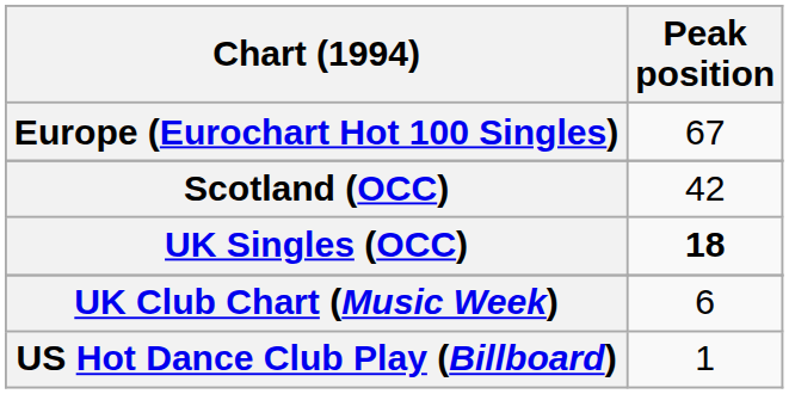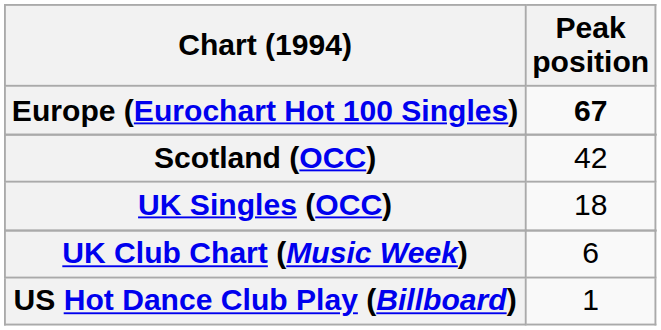 <table class="wikitable sortable plainrowheaders" style="text-align:center">
 <tr>
 <th>Chart (1994)</th>
 <th>Peak<br>position</th>
 </tr>
 <tr>
 <th scope="row">Europe (<a href='#'>Eurochart Hot 100 Singles</a>)</th>
-<td>67</td>
+<td><strong>67</strong></td>
 </tr>
 <tr>
 </tr>
 <tr>
 </tr>
 <tr>
 <th scope="row">Scotland (<a href='#'>OCC</a>)</th>
 <td>42</td>
 </tr>
 <tr>
 <th scope="row"><a href='#'>UK Singles</a> (<a href='#'>OCC</a>)</th>
-<td><strong>18</strong></td>
+<td>18</td>
 </tr>
 <tr>
 </tr>
 <tr>
 <th scope="row"><a href='#'>UK Club Chart</a> (<em><a href='#'>Music Week</a></em>)</th>
 <td>6</td>
 </tr>
 <tr>
 <th scope="row">US <a href='#'>Hot Dance Club Play</a> (<em><a href='#'>Billboard</a></em>)</th>
 <td>1</td>
 </tr>
 </table>
